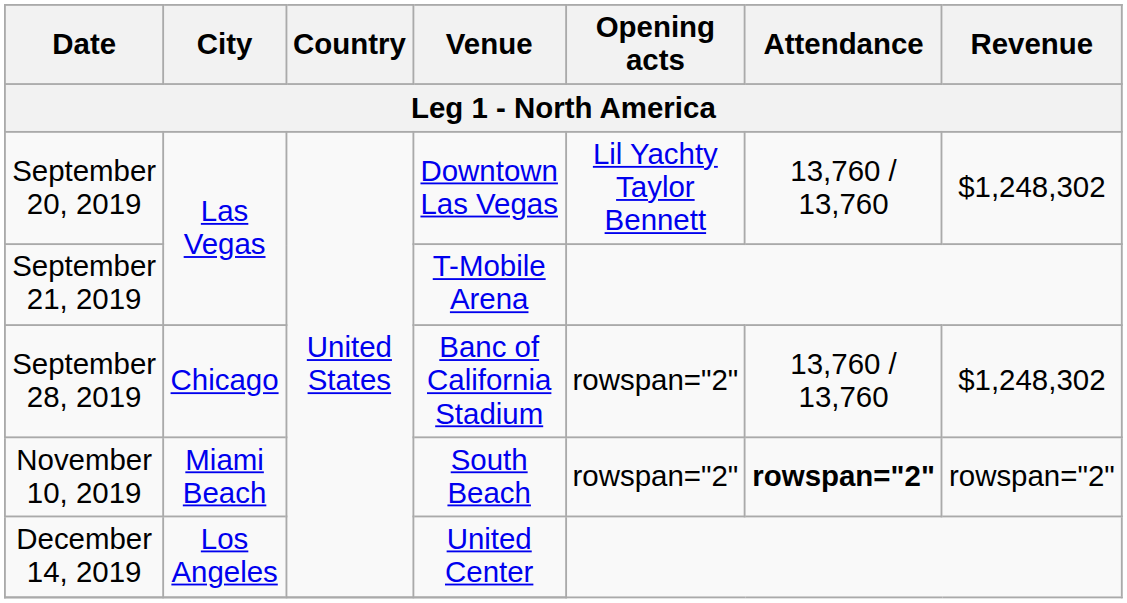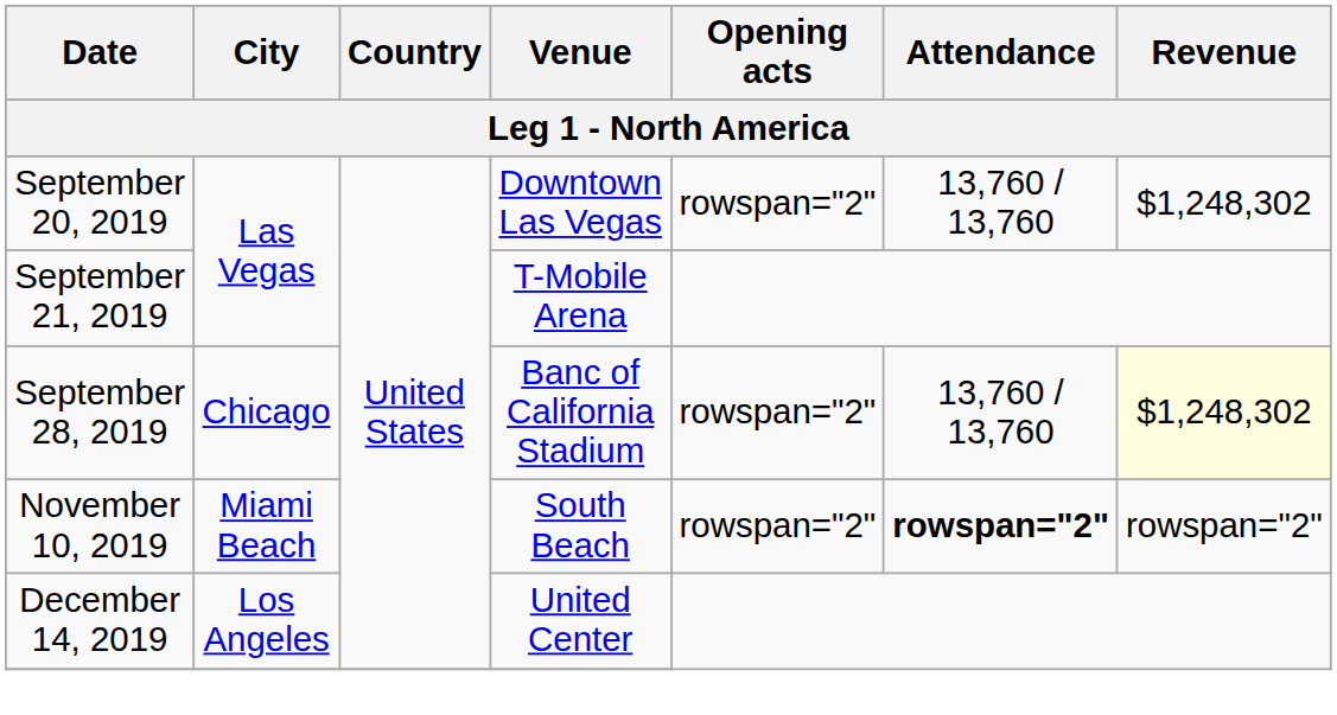 <table class="wikitable plainrowheaders" style="text-align:center;">
 <tr>
 <th scope="col" style="width:12em;">Date</th>
 <th scope="col" style="width:10em;">City</th>
 <th scope="col" style="width:10em;">Country</th>
 <th scope="col" style="width:16em;">Venue</th>
 <th scope="col" style="width:10em;">Opening acts</th>
 <th scope="col" style="width:10em;">Attendance</th>
 <th scope="col" style="width:10em;">Revenue</th>
 </tr>
 <tr>
 <th colspan="7">Leg 1 - North America</th>
 </tr>
 <tr>
 <td>September 20, 2019</td>
 <td rowspan="2"><a href='#'>Las Vegas</a></td>
 <td rowspan="5"><a href='#'>United States</a></td>
 <td><a href='#'>Downtown Las Vegas</a></td>
-<td><a href='#'>Lil Yachty</a><br><a href='#'>Taylor Bennett</a></td>
+<td>rowspan="2" </td>
 <td>13,760 / 13,760</td>
 <td>$1,248,302</td>
 </tr>
 <tr>
 <td>September 21, 2019</td>
 <td><a href='#'>T-Mobile Arena</a></td>
 </tr>
 <tr>
 <td>September 28, 2019</td>
 <td><a href='#'>Chicago</a></td>
 <td><a href='#'>Banc of California Stadium</a></td>
 <td>rowspan="2" </td>
 <td>13,760 / 13,760</td>
-<td>$1,248,302</td>
+<td style="background: lightyellow;">$1,248,302</td>
 </tr>
 <tr>
 <td>November 10, 2019</td>
 <td><a href='#'>Miami Beach</a></td>
 <td><a href='#'>South Beach</a></td>
 <td>rowspan="2" </td>
 <td><strong>rowspan="2" </strong></td>
 <td>rowspan="2" </td>
 </tr>
 <tr>
 <td>December 14, 2019</td>
 <td><a href='#'>Los Angeles</a></td>
 <td><a href='#'>United Center</a></td>
 </tr>
 <tr>
 </tr>
 </table>
